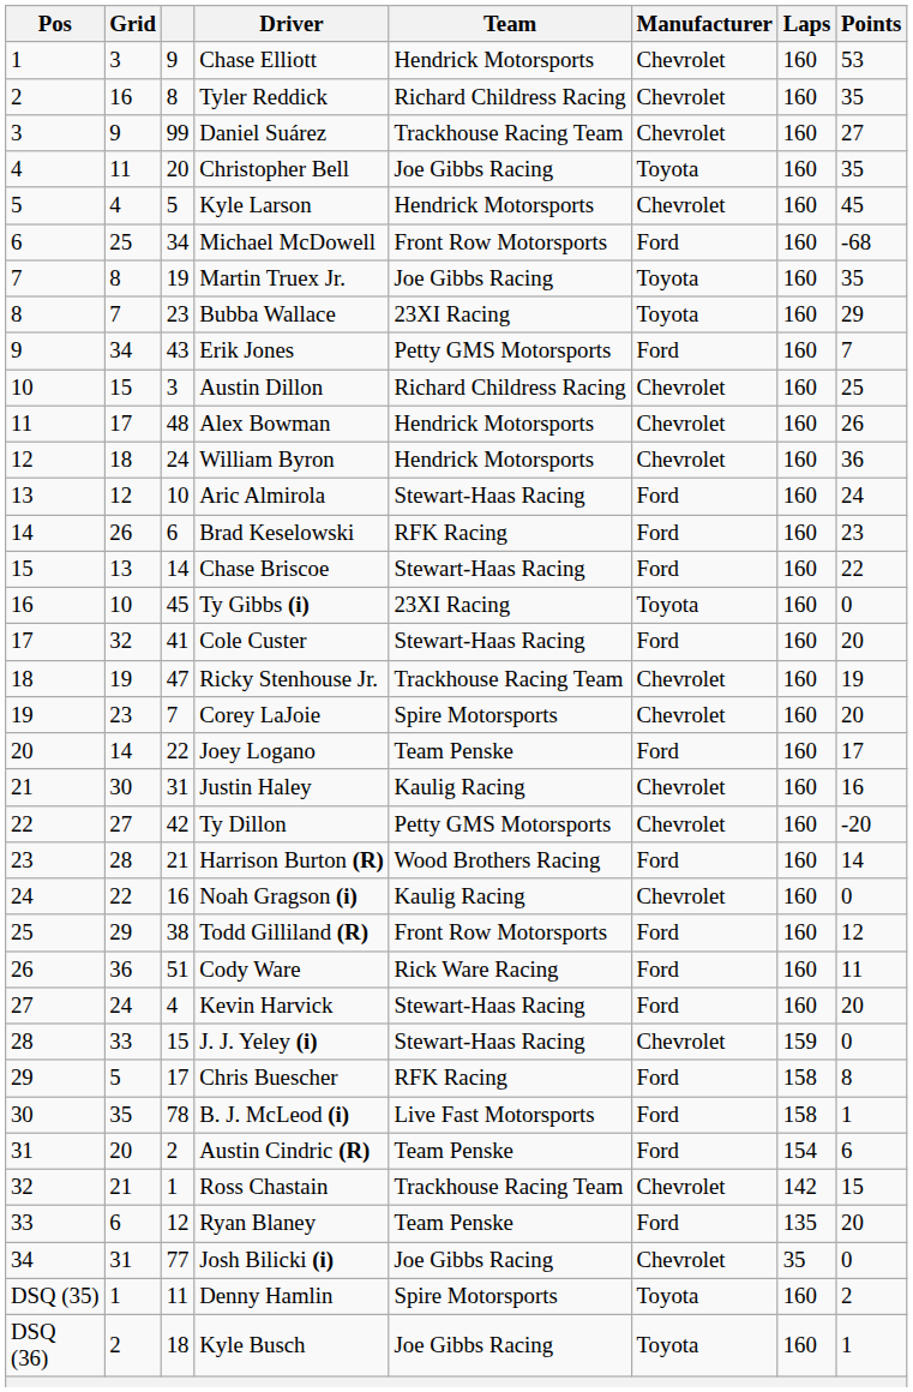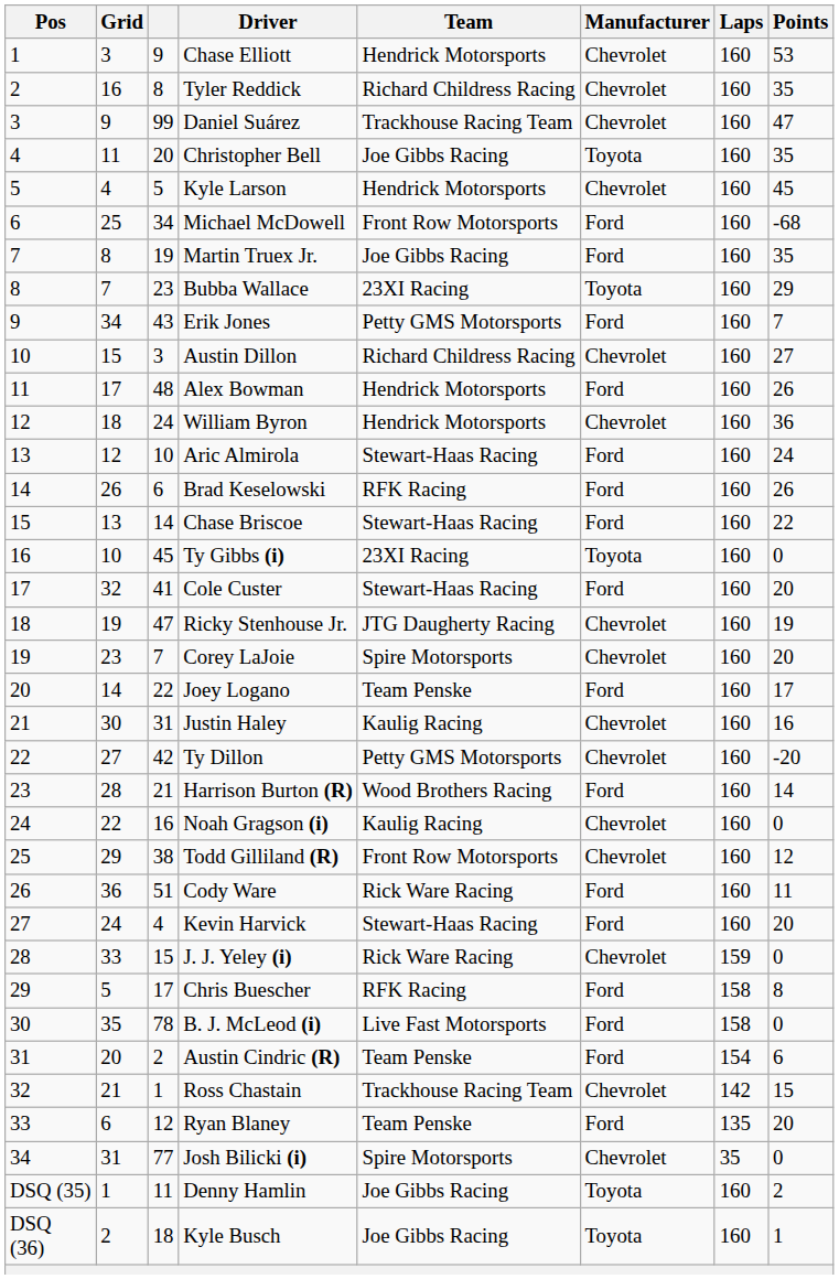 <table class="wikitable" style="font-size:98%">
 <tr>
 <th>Pos</th>
 <th>Grid</th>
 <th></th>
 <th>Driver</th>
 <th>Team</th>
 <th>Manufacturer</th>
 <th>Laps</th>
 <th>Points</th>
 </tr>
 <tr>
 <td>1</td>
 <td>3</td>
 <td>9</td>
 <td>Chase Elliott</td>
 <td>Hendrick Motorsports</td>
 <td>Chevrolet</td>
 <td>160</td>
 <td>53</td>
 </tr>
 <tr>
 <td>2</td>
 <td>16</td>
 <td>8</td>
 <td>Tyler Reddick</td>
 <td>Richard Childress Racing</td>
 <td>Chevrolet</td>
 <td>160</td>
 <td>35</td>
 </tr>
 <tr>
 <td>3</td>
 <td>9</td>
 <td>99</td>
 <td>Daniel Suárez</td>
 <td>Trackhouse Racing Team</td>
 <td>Chevrolet</td>
 <td>160</td>
-<td>27</td>
+<td>47</td>
 </tr>
 <tr>
 <td>4</td>
 <td>11</td>
 <td>20</td>
 <td>Christopher Bell</td>
 <td>Joe Gibbs Racing</td>
 <td>Toyota</td>
 <td>160</td>
 <td>35</td>
 </tr>
 <tr>
 <td>5</td>
 <td>4</td>
 <td>5</td>
 <td>Kyle Larson</td>
 <td>Hendrick Motorsports</td>
 <td>Chevrolet</td>
 <td>160</td>
 <td>45</td>
 </tr>
 <tr>
 <td>6</td>
 <td>25</td>
 <td>34</td>
 <td>Michael McDowell</td>
 <td>Front Row Motorsports</td>
 <td>Ford</td>
 <td>160</td>
 <td>-68</td>
 </tr>
 <tr>
 <td>7</td>
 <td>8</td>
 <td>19</td>
 <td>Martin Truex Jr.</td>
 <td>Joe Gibbs Racing</td>
-<td>Toyota</td>
+<td>Ford</td>
 <td>160</td>
 <td>35</td>
 </tr>
 <tr>
 <td>8</td>
 <td>7</td>
 <td>23</td>
 <td>Bubba Wallace</td>
 <td>23XI Racing</td>
 <td>Toyota</td>
 <td>160</td>
 <td>29</td>
 </tr>
 <tr>
 <td>9</td>
 <td>34</td>
 <td>43</td>
 <td>Erik Jones</td>
 <td>Petty GMS Motorsports</td>
 <td>Ford</td>
 <td>160</td>
 <td>7</td>
 </tr>
 <tr>
 <td>10</td>
 <td>15</td>
 <td>3</td>
 <td>Austin Dillon</td>
 <td>Richard Childress Racing</td>
 <td>Chevrolet</td>
 <td>160</td>
-<td>25</td>
+<td>27</td>
 </tr>
 <tr>
 <td>11</td>
 <td>17</td>
 <td>48</td>
 <td>Alex Bowman</td>
 <td>Hendrick Motorsports</td>
-<td>Chevrolet</td>
+<td>Ford</td>
 <td>160</td>
 <td>26</td>
 </tr>
 <tr>
 <td>12</td>
 <td>18</td>
 <td>24</td>
 <td>William Byron</td>
 <td>Hendrick Motorsports</td>
 <td>Chevrolet</td>
 <td>160</td>
 <td>36</td>
 </tr>
 <tr>
 <td>13</td>
 <td>12</td>
 <td>10</td>
 <td>Aric Almirola</td>
 <td>Stewart-Haas Racing</td>
 <td>Ford</td>
 <td>160</td>
 <td>24</td>
 </tr>
 <tr>
 <td>14</td>
 <td>26</td>
 <td>6</td>
 <td>Brad Keselowski</td>
 <td>RFK Racing</td>
 <td>Ford</td>
 <td>160</td>
-<td>23</td>
+<td>26</td>
 </tr>
 <tr>
 <td>15</td>
 <td>13</td>
 <td>14</td>
 <td>Chase Briscoe</td>
 <td>Stewart-Haas Racing</td>
 <td>Ford</td>
 <td>160</td>
 <td>22</td>
 </tr>
 <tr>
 <td>16</td>
 <td>10</td>
 <td>45</td>
 <td>Ty Gibbs <strong>(i)</strong></td>
 <td>23XI Racing</td>
 <td>Toyota</td>
 <td>160</td>
 <td>0</td>
 </tr>
 <tr>
 <td>17</td>
 <td>32</td>
 <td>41</td>
 <td>Cole Custer</td>
 <td>Stewart-Haas Racing</td>
 <td>Ford</td>
 <td>160</td>
 <td>20</td>
 </tr>
 <tr>
 <td>18</td>
 <td>19</td>
 <td>47</td>
 <td>Ricky Stenhouse Jr.</td>
-<td>Trackhouse Racing Team</td>
+<td>JTG Daugherty Racing</td>
 <td>Chevrolet</td>
 <td>160</td>
 <td>19</td>
 </tr>
 <tr>
 <td>19</td>
 <td>23</td>
 <td>7</td>
 <td>Corey LaJoie</td>
 <td>Spire Motorsports</td>
 <td>Chevrolet</td>
 <td>160</td>
 <td>20</td>
 </tr>
 <tr>
 <td>20</td>
 <td>14</td>
 <td>22</td>
 <td>Joey Logano</td>
 <td>Team Penske</td>
 <td>Ford</td>
 <td>160</td>
 <td>17</td>
 </tr>
 <tr>
 <td>21</td>
 <td>30</td>
 <td>31</td>
 <td>Justin Haley</td>
 <td>Kaulig Racing</td>
 <td>Chevrolet</td>
 <td>160</td>
 <td>16</td>
 </tr>
 <tr>
 <td>22</td>
 <td>27</td>
 <td>42</td>
 <td>Ty Dillon</td>
 <td>Petty GMS Motorsports</td>
 <td>Chevrolet</td>
 <td>160</td>
 <td>-20</td>
 </tr>
 <tr>
 <td>23</td>
 <td>28</td>
 <td>21</td>
 <td>Harrison Burton <strong>(R)</strong></td>
 <td>Wood Brothers Racing</td>
 <td>Ford</td>
 <td>160</td>
 <td>14</td>
 </tr>
 <tr>
 <td>24</td>
 <td>22</td>
 <td>16</td>
 <td>Noah Gragson <strong>(i)</strong></td>
 <td>Kaulig Racing</td>
 <td>Chevrolet</td>
 <td>160</td>
 <td>0</td>
 </tr>
 <tr>
 <td>25</td>
 <td>29</td>
 <td>38</td>
 <td>Todd Gilliland <strong>(R)</strong></td>
 <td>Front Row Motorsports</td>
-<td>Ford</td>
+<td>Chevrolet</td>
 <td>160</td>
 <td>12</td>
 </tr>
 <tr>
 <td>26</td>
 <td>36</td>
 <td>51</td>
 <td>Cody Ware</td>
 <td>Rick Ware Racing</td>
 <td>Ford</td>
 <td>160</td>
 <td>11</td>
 </tr>
 <tr>
 <td>27</td>
 <td>24</td>
 <td>4</td>
 <td>Kevin Harvick</td>
 <td>Stewart-Haas Racing</td>
 <td>Ford</td>
 <td>160</td>
 <td>20</td>
 </tr>
 <tr>
 <td>28</td>
 <td>33</td>
 <td>15</td>
 <td>J. J. Yeley <strong>(i)</strong></td>
-<td>Stewart-Haas Racing</td>
+<td>Rick Ware Racing</td>
 <td>Chevrolet</td>
 <td>159</td>
 <td>0</td>
 </tr>
 <tr>
 <td>29</td>
 <td>5</td>
 <td>17</td>
 <td>Chris Buescher</td>
 <td>RFK Racing</td>
 <td>Ford</td>
 <td>158</td>
 <td>8</td>
 </tr>
 <tr>
 <td>30</td>
 <td>35</td>
 <td>78</td>
 <td>B. J. McLeod <strong>(i)</strong></td>
 <td>Live Fast Motorsports</td>
 <td>Ford</td>
 <td>158</td>
-<td>1</td>
+<td>0</td>
 </tr>
 <tr>
 <td>31</td>
 <td>20</td>
 <td>2</td>
 <td>Austin Cindric <strong>(R)</strong></td>
 <td>Team Penske</td>
 <td>Ford</td>
 <td>154</td>
 <td>6</td>
 </tr>
 <tr>
 <td>32</td>
 <td>21</td>
 <td>1</td>
 <td>Ross Chastain</td>
 <td>Trackhouse Racing Team</td>
 <td>Chevrolet</td>
 <td>142</td>
 <td>15</td>
 </tr>
 <tr>
 <td>33</td>
 <td>6</td>
 <td>12</td>
 <td>Ryan Blaney</td>
 <td>Team Penske</td>
 <td>Ford</td>
 <td>135</td>
 <td>20</td>
 </tr>
 <tr>
 <td>34</td>
 <td>31</td>
 <td>77</td>
 <td>Josh Bilicki <strong>(i)</strong></td>
-<td>Joe Gibbs Racing</td>
+<td>Spire Motorsports</td>
 <td>Chevrolet</td>
 <td>35</td>
 <td>0</td>
 </tr>
 <tr>
 <td>DSQ (35)</td>
 <td>1</td>
 <td>11</td>
 <td>Denny Hamlin</td>
-<td>Spire Motorsports</td>
+<td>Joe Gibbs Racing</td>
 <td>Toyota</td>
 <td>160</td>
 <td>2</td>
 </tr>
 <tr>
 <td>DSQ<br>(36)</td>
 <td>2</td>
 <td>18</td>
 <td>Kyle Busch</td>
 <td>Joe Gibbs Racing</td>
 <td>Toyota</td>
 <td>160</td>
 <td>1</td>
 </tr>
 <tr>
 <th colspan="8"></th>
 </tr>
 </table>
